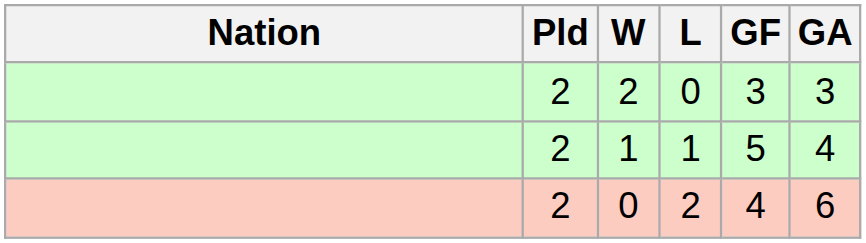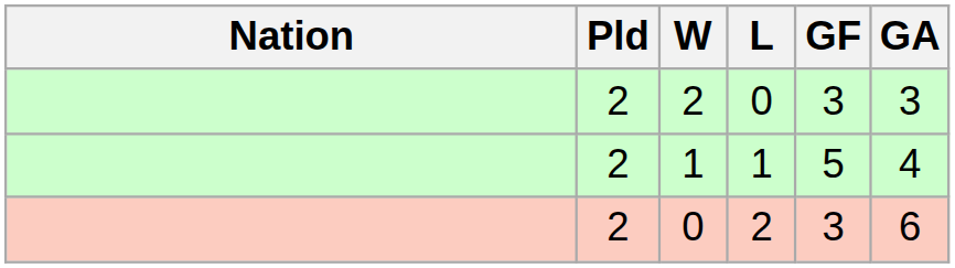 <table class=wikitable style="text-align:center">
 <tr>
 <th width=220>Nation</th>
 <th width=20>Pld</th>
 <th width=20>W</th>
 <th width=20>L</th>
 <th width=20>GF</th>
 <th width=20>GA</th>
 </tr>
 <tr bgcolor="#ccffcc">
 <td align=left></td>
 <td>2</td>
 <td>2</td>
 <td>0</td>
 <td>3</td>
 <td>3</td>
 </tr>
 <tr bgcolor="#ccffcc">
 <td align=left></td>
 <td>2</td>
 <td>1</td>
 <td>1</td>
 <td>5</td>
 <td>4</td>
 </tr>
 <tr bgcolor="#fcccc">
 <td align=left></td>
 <td>2</td>
 <td>0</td>
 <td>2</td>
-<td>4</td>
+<td>3</td>
 <td>6</td>
 </tr>
 </table>
